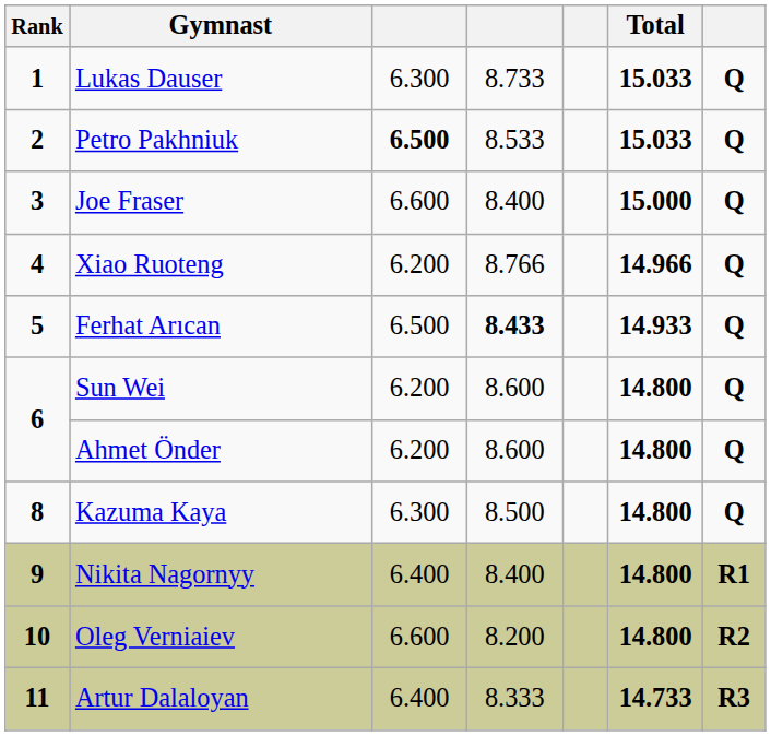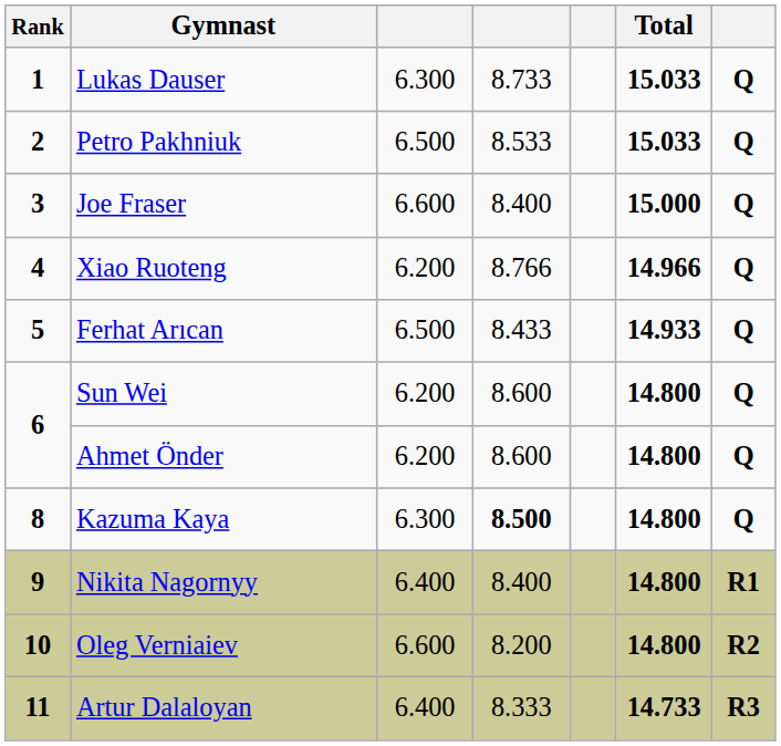 <table style="text-align:center;" class="wikitable sortable">
 <tr>
 <th scope="col" style="width:15px;"><small>Rank</small></th>
 <th scope="col" style="width:175px;">Gymnast</th>
 <th scope="col" style="width:50px;"><small></small></th>
 <th scope="col" style="width:50px;"><small></small></th>
 <th scope="col" style="width:20px;"><small></small></th>
 <th scope="col" style="width:50px;">Total</th>
 <th scope="col" style="width:30px;"><small></small></th>
 </tr>
 <tr>
 <td scope="row" style="text-align:center"><strong>1</strong></td>
 <td style="height:30px; text-align:left;"> <a href='#'>Lukas Dauser</a></td>
 <td>6.300</td>
 <td>8.733</td>
 <td></td>
 <td><strong>15.033</strong></td>
 <td><strong>Q</strong></td>
 </tr>
 <tr>
 <td scope="row" style="text-align:center"><strong>2</strong></td>
 <td style="height:30px; text-align:left;"> <a href='#'>Petro Pakhniuk</a></td>
-<td><strong>6.500</strong></td>
+<td>6.500</td>
 <td>8.533</td>
 <td></td>
 <td><strong>15.033</strong></td>
 <td><strong>Q</strong></td>
 </tr>
 <tr>
 <td scope="row" style="text-align:center"><strong>3</strong></td>
 <td style="height:30px; text-align:left;"> <a href='#'>Joe Fraser</a></td>
 <td>6.600</td>
 <td>8.400</td>
 <td></td>
 <td><strong>15.000</strong></td>
 <td><strong>Q</strong></td>
 </tr>
 <tr>
 <td scope="row" style="text-align:center"><strong>4</strong></td>
 <td style="height:30px; text-align:left;"> <a href='#'>Xiao Ruoteng</a></td>
 <td>6.200</td>
 <td>8.766</td>
 <td></td>
 <td><strong>14.966</strong></td>
 <td><strong>Q</strong></td>
 </tr>
 <tr>
 <td scope="row" style="text-align:center"><strong>5</strong></td>
 <td style="height:30px; text-align:left;"> <a href='#'>Ferhat Arıcan</a></td>
 <td>6.500</td>
-<td><strong>8.433</strong></td>
+<td>8.433</td>
 <td></td>
 <td><strong>14.933</strong></td>
 <td><strong>Q</strong></td>
 </tr>
 <tr>
 <td rowspan=2 scope="row" style="text-align:center"><strong>6</strong></td>
 <td style="height:30px; text-align:left;"> <a href='#'>Sun Wei</a></td>
 <td>6.200</td>
 <td>8.600</td>
 <td></td>
 <td><strong>14.800</strong></td>
 <td><strong>Q</strong></td>
 </tr>
 <tr>
 <td style="height:30px; text-align:left;"> <a href='#'>Ahmet Önder</a></td>
 <td>6.200</td>
 <td>8.600</td>
 <td></td>
 <td><strong>14.800</strong></td>
 <td><strong>Q</strong></td>
 </tr>
 <tr>
 <td scope="row" style="text-align:center"><strong>8</strong></td>
 <td style="height:30px; text-align:left;"> <a href='#'>Kazuma Kaya</a></td>
 <td>6.300</td>
-<td>8.500</td>
+<td><strong>8.500</strong></td>
 <td></td>
 <td><strong>14.800</strong></td>
 <td><strong>Q</strong></td>
 </tr>
 <tr style="background:#cccc99;">
 <td scope="row" style="text-align:center"><strong>9</strong></td>
 <td style="height:30px; text-align:left;"> <a href='#'>Nikita Nagornyy</a></td>
 <td>6.400</td>
 <td>8.400</td>
 <td></td>
 <td><strong>14.800</strong></td>
 <td><strong>R1</strong></td>
 </tr>
 <tr style="background:#cccc99;">
 <td scope="row" style="text-align:center"><strong>10</strong></td>
 <td style="height:30px; text-align:left;"> <a href='#'>Oleg Verniaiev</a></td>
 <td>6.600</td>
 <td>8.200</td>
 <td></td>
 <td><strong>14.800</strong></td>
 <td><strong>R2</strong></td>
 </tr>
 <tr style="background:#cccc99;">
 <td scope="row" style="text-align:center"><strong>11</strong></td>
 <td style="height:30px; text-align:left;"> <a href='#'>Artur Dalaloyan</a></td>
 <td>6.400</td>
 <td>8.333</td>
 <td></td>
 <td><strong>14.733</strong></td>
 <td><strong>R3</strong></td>
 </tr>
 </table>
